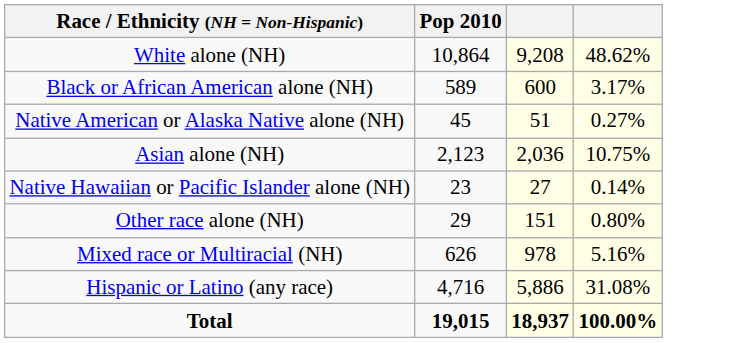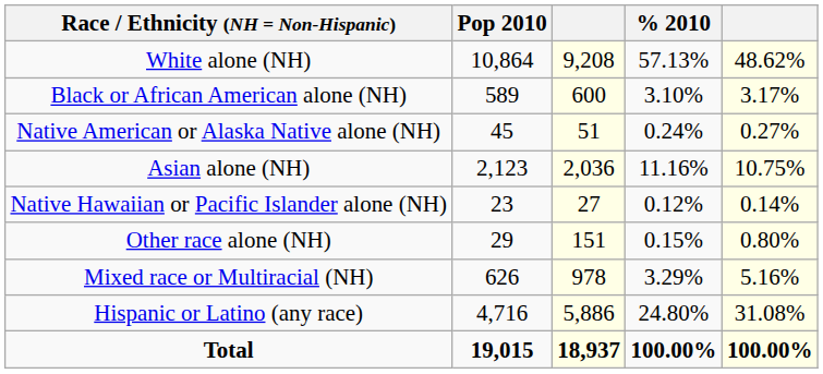 <table class="wikitable" style="text-align:center;">
 <tr>
 <th>Race / Ethnicity <small>(<em>NH = Non-Hispanic</em>)</small></th>
 <th>Pop 2010</th>
 <th></th>
+<th>% 2010</th>
 <th></th>
 </tr>
 <tr>
 <td><a href='#'>White</a> alone (NH)</td>
 <td>10,864</td>
 <td style='background: #ffffe6;'>9,208</td>
+<td>57.13%</td>
 <td style='background: #ffffe6;'>48.62%</td>
 </tr>
 <tr>
 <td><a href='#'>Black or African American</a> alone (NH)</td>
 <td>589</td>
 <td style='background: #ffffe6;'>600</td>
+<td>3.10%</td>
 <td style='background: #ffffe6;'>3.17%</td>
 </tr>
 <tr>
 <td><a href='#'>Native American</a> or <a href='#'>Alaska Native</a> alone (NH)</td>
 <td>45</td>
 <td style='background: #ffffe6;'>51</td>
+<td>0.24%</td>
 <td style='background: #ffffe6;'>0.27%</td>
 </tr>
 <tr>
 <td><a href='#'>Asian</a> alone (NH)</td>
 <td>2,123</td>
 <td style='background: #ffffe6;'>2,036</td>
+<td>11.16%</td>
 <td style='background: #ffffe6;'>10.75%</td>
 </tr>
 <tr>
 <td><a href='#'>Native Hawaiian</a> or <a href='#'>Pacific Islander</a> alone (NH)</td>
 <td>23</td>
 <td style='background: #ffffe6;'>27</td>
+<td>0.12%</td>
 <td style='background: #ffffe6;'>0.14%</td>
 </tr>
 <tr>
 <td><a href='#'>Other race</a> alone (NH)</td>
 <td>29</td>
 <td style='background: #ffffe6;'>151</td>
+<td>0.15%</td>
 <td style='background: #ffffe6;'>0.80%</td>
 </tr>
 <tr>
 <td><a href='#'>Mixed race or Multiracial</a> (NH)</td>
 <td>626</td>
 <td style='background: #ffffe6;'>978</td>
+<td>3.29%</td>
 <td style='background: #ffffe6;'>5.16%</td>
 </tr>
 <tr>
 <td><a href='#'>Hispanic or Latino</a> (any race)</td>
 <td>4,716</td>
 <td style='background: #ffffe6;'>5,886</td>
+<td>24.80%</td>
 <td style='background: #ffffe6;'>31.08%</td>
 </tr>
 <tr>
 <td><strong>Total</strong></td>
 <td><strong>19,015</strong></td>
 <td style='background: #ffffe6;'><strong>18,937</strong></td>
+<td><strong>100.00%</strong></td>
 <td style='background: #ffffe6;'><strong>100.00%</strong></td>
 </tr>
 </table>
